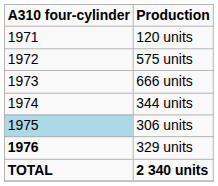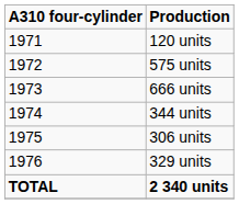 <table class="wikitable">
 <tr>
 <td><strong>A310 four-cylinder</strong></td>
 <td><strong>Production</strong></td>
 </tr>
 <tr>
 <td>1971</td>
 <td>120 units</td>
 </tr>
 <tr>
 <td>1972</td>
 <td>575 units</td>
 </tr>
 <tr>
 <td>1973</td>
 <td>666 units</td>
 </tr>
 <tr>
 <td>1974</td>
 <td>344 units</td>
 </tr>
 <tr>
-<td style="background: lightblue;">1975</td>
+<td>1975</td>
 <td>306 units</td>
 </tr>
 <tr>
-<td><strong>1976</strong></td>
+<td>1976</td>
 <td>329 units</td>
 </tr>
 <tr>
 <td><strong>TOTAL</strong></td>
 <td><strong>2 340 units</strong></td>
 </tr>
 <tr>
 </tr>
 </table>
